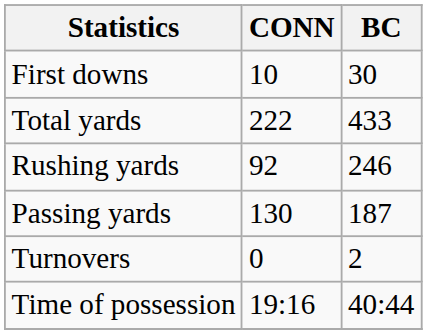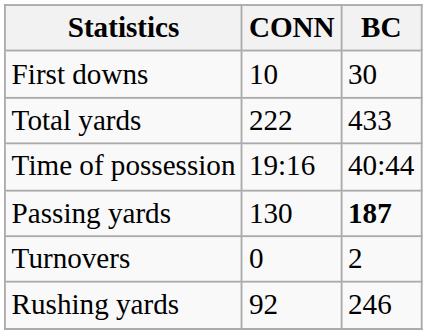 <table class="wikitable" style="float: left;">
 <tr>
 <th>Statistics</th>
 <th>CONN</th>
 <th>BC</th>
 </tr>
 <tr>
 <td>First downs</td>
 <td>10</td>
 <td>30</td>
 </tr>
 <tr>
 <td>Total yards</td>
 <td>222</td>
 <td>433</td>
 </tr>
 <tr>
-<td>Rushing yards</td>
-<td>92</td>
-<td>246</td>
+<td>Time of possession</td>
+<td>19:16</td>
+<td>40:44</td>
 </tr>
 <tr>
 <td>Passing yards</td>
 <td>130</td>
-<td>187</td>
+<td><strong>187</strong></td>
 </tr>
 <tr>
 <td>Turnovers</td>
 <td>0</td>
 <td>2</td>
 </tr>
 <tr>
-<td>Time of possession</td>
-<td>19:16</td>
-<td>40:44</td>
+<td>Rushing yards</td>
+<td>92</td>
+<td>246</td>
 </tr>
 <tr>
 </tr>
 </table>
